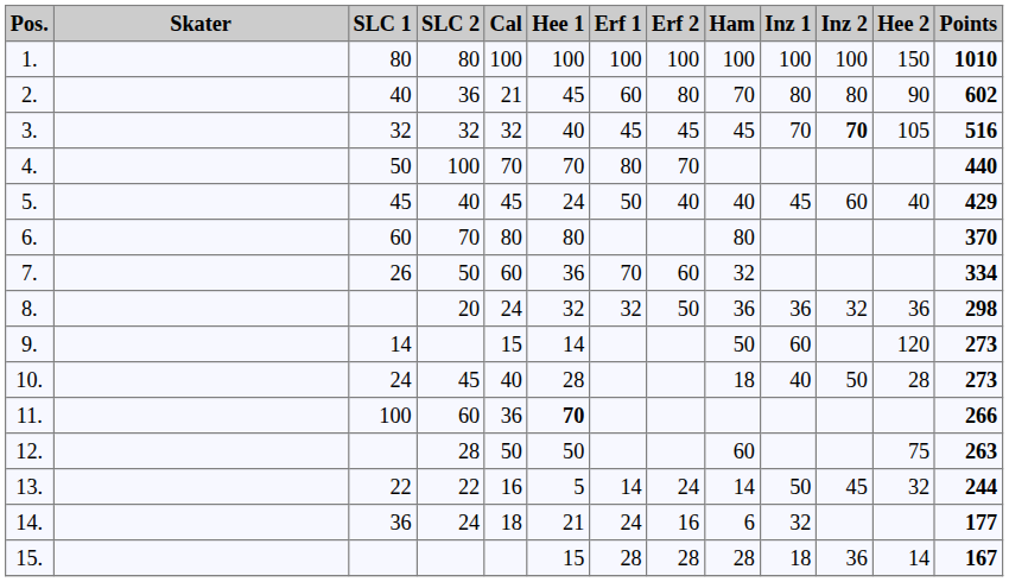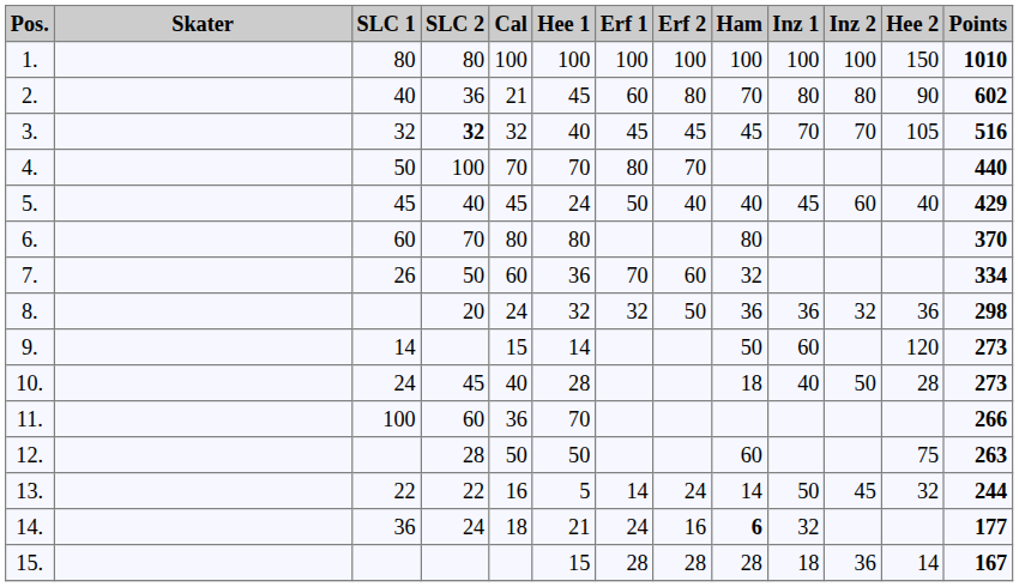 <table bgcolor="#f7f8ff" cellpadding="3" cellspacing="0" border="1" style="font-size: 95%; border: gray solid 1px; border-collapse: collapse;">
 <tr bgcolor="#CCCCCC">
 <td align="center" width="10"><strong>Pos.</strong></td>
 <td align="center" width="200"><strong>Skater</strong></td>
 <td align="center" width="20"><strong>SLC 1</strong></td>
 <td align="center" width="20"><strong>SLC 2</strong></td>
 <td align="center" width="20"><strong>Cal</strong></td>
 <td align="center" width="20"><strong>Hee 1</strong></td>
 <td align="center" width="20"><strong>Erf 1</strong></td>
 <td align="center" width="20"><strong>Erf 2</strong></td>
 <td align="center" width="20"><strong>Ham</strong></td>
 <td align="center" width="20"><strong>Inz 1</strong></td>
 <td align="center" width="20"><strong>Inz 2</strong></td>
 <td align="center" width="20"><strong>Hee 2</strong></td>
 <td align="center" width="20"><strong>Points</strong></td>
 </tr>
 <tr align="left">
 <td align="center">1.</td>
 <td></td>
 <td align="right">80</td>
 <td align="right">80</td>
 <td align="right">100</td>
 <td align="right">100</td>
 <td align="right">100</td>
 <td align="right">100</td>
 <td align="right">100</td>
 <td align="right">100</td>
 <td align="right">100</td>
 <td align="right">150</td>
 <td align="right"><strong>1010</strong></td>
 </tr>
 <tr align="left">
 <td align="center">2.</td>
 <td></td>
 <td align="right">40</td>
 <td align="right">36</td>
 <td align="right">21</td>
 <td align="right">45</td>
 <td align="right">60</td>
 <td align="right">80</td>
 <td align="right">70</td>
 <td align="right">80</td>
 <td align="right">80</td>
 <td align="right">90</td>
 <td align="right"><strong>602</strong></td>
 </tr>
 <tr align="left">
 <td align="center">3.</td>
 <td></td>
 <td align="right">32</td>
-<td align="right">32</td>
+<td align="right"><strong>32</strong></td>
 <td align="right">32</td>
 <td align="right">40</td>
 <td align="right">45</td>
 <td align="right">45</td>
 <td align="right">45</td>
 <td align="right">70</td>
-<td align="right"><strong>70</strong></td>
+<td align="right">70</td>
 <td align="right">105</td>
 <td align="right"><strong>516</strong></td>
 </tr>
 <tr align="left">
 <td align="center">4.</td>
 <td></td>
 <td align="right">50</td>
 <td align="right">100</td>
 <td align="right">70</td>
 <td align="right">70</td>
 <td align="right">80</td>
 <td align="right">70</td>
 <td align="right"></td>
 <td align="right"></td>
 <td align="right"></td>
 <td align="right"></td>
 <td align="right"><strong>440</strong></td>
 </tr>
 <tr align="left">
 <td align="center">5.</td>
 <td></td>
 <td align="right">45</td>
 <td align="right">40</td>
 <td align="right">45</td>
 <td align="right">24</td>
 <td align="right">50</td>
 <td align="right">40</td>
 <td align="right">40</td>
 <td align="right">45</td>
 <td align="right">60</td>
 <td align="right">40</td>
 <td align="right"><strong>429</strong></td>
 </tr>
 <tr align="left">
 <td align="center">6.</td>
 <td></td>
 <td align="right">60</td>
 <td align="right">70</td>
 <td align="right">80</td>
 <td align="right">80</td>
 <td align="right"></td>
 <td align="right"></td>
 <td align="right">80</td>
 <td align="right"></td>
 <td align="right"></td>
 <td align="right"></td>
 <td align="right"><strong>370</strong></td>
 </tr>
 <tr align="left">
 <td align="center">7.</td>
 <td></td>
 <td align="right">26</td>
 <td align="right">50</td>
 <td align="right">60</td>
 <td align="right">36</td>
 <td align="right">70</td>
 <td align="right">60</td>
 <td align="right">32</td>
 <td align="right"></td>
 <td align="right"></td>
 <td align="right"></td>
 <td align="right"><strong>334</strong></td>
 </tr>
 <tr align="left">
 <td align="center">8.</td>
 <td></td>
 <td align="right"></td>
 <td align="right">20</td>
 <td align="right">24</td>
 <td align="right">32</td>
 <td align="right">32</td>
 <td align="right">50</td>
 <td align="right">36</td>
 <td align="right">36</td>
 <td align="right">32</td>
 <td align="right">36</td>
 <td align="right"><strong>298</strong></td>
 </tr>
 <tr align="left">
 <td align="center">9.</td>
 <td></td>
 <td align="right">14</td>
 <td align="right"></td>
 <td align="right">15</td>
 <td align="right">14</td>
 <td align="right"></td>
 <td align="right"></td>
 <td align="right">50</td>
 <td align="right">60</td>
 <td align="right"></td>
 <td align="right">120</td>
 <td align="right"><strong>273</strong></td>
 </tr>
 <tr align="left">
 <td align="center">10.</td>
 <td></td>
 <td align="right">24</td>
 <td align="right">45</td>
 <td align="right">40</td>
 <td align="right">28</td>
 <td align="right"></td>
 <td align="right"></td>
 <td align="right">18</td>
 <td align="right">40</td>
 <td align="right">50</td>
 <td align="right">28</td>
 <td align="right"><strong>273</strong></td>
 </tr>
 <tr align="left">
 <td align="center">11.</td>
 <td></td>
 <td align="right">100</td>
 <td align="right">60</td>
 <td align="right">36</td>
-<td align="right"><strong>70</strong></td>
+<td align="right">70</td>
 <td align="right"></td>
 <td align="right"></td>
 <td align="right"></td>
 <td align="right"></td>
 <td align="right"></td>
 <td align="right"></td>
 <td align="right"><strong>266</strong></td>
 </tr>
 <tr align="left">
 <td align="center">12.</td>
 <td></td>
 <td align="right"></td>
 <td align="right">28</td>
 <td align="right">50</td>
 <td align="right">50</td>
 <td align="right"></td>
 <td align="right"></td>
 <td align="right">60</td>
 <td align="right"></td>
 <td align="right"></td>
 <td align="right">75</td>
 <td align="right"><strong>263</strong></td>
 </tr>
 <tr align="left">
 <td align="center">13.</td>
 <td></td>
 <td align="right">22</td>
 <td align="right">22</td>
 <td align="right">16</td>
 <td align="right">5</td>
 <td align="right">14</td>
 <td align="right">24</td>
 <td align="right">14</td>
 <td align="right">50</td>
 <td align="right">45</td>
 <td align="right">32</td>
 <td align="right"><strong>244</strong></td>
 </tr>
 <tr align="left">
 <td align="center">14.</td>
 <td></td>
 <td align="right">36</td>
 <td align="right">24</td>
 <td align="right">18</td>
 <td align="right">21</td>
 <td align="right">24</td>
 <td align="right">16</td>
-<td align="right">6</td>
+<td align="right"><strong>6</strong></td>
 <td align="right">32</td>
 <td align="right"></td>
 <td align="right"></td>
 <td align="right"><strong>177</strong></td>
 </tr>
 <tr align="left">
 <td align="center">15.</td>
 <td></td>
 <td align="right"></td>
 <td align="right"></td>
 <td align="right"></td>
 <td align="right">15</td>
 <td align="right">28</td>
 <td align="right">28</td>
 <td align="right">28</td>
 <td align="right">18</td>
 <td align="right">36</td>
 <td align="right">14</td>
 <td align="right"><strong>167</strong><br></td>
 </tr>
 <tr>
 </tr>
 </table>
